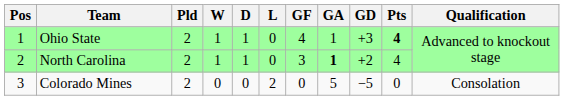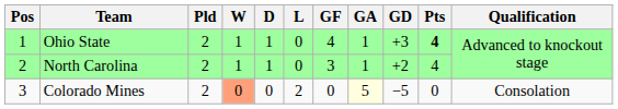 <table class="wikitable" style="text-align:center; margin: 1em auto">
 <tr>
 <th style="width:2em">Pos</th>
 <th style="width:13em">Team</th>
 <th style="width:2em">Pld</th>
 <th style="width:2em">W</th>
 <th style="width:2em">D</th>
 <th style="width:2em">L</th>
 <th style="width:2em">GF</th>
 <th style="width:2em">GA</th>
 <th style="width:2em">GD</th>
 <th style="width:2em">Pts</th>
 <th style="width:13em">Qualification</th>
 </tr>
 <tr bgcolor="#9eff9e">
 <td>1</td>
 <td style="text-align:left">Ohio State</td>
 <td>2</td>
 <td>1</td>
 <td>1</td>
 <td>0</td>
 <td>4</td>
 <td>1</td>
 <td>+3</td>
 <td><strong>4</strong></td>
 <td rowspan="2">Advanced to knockout stage</td>
 </tr>
 <tr bgcolor="#9eff9e">
 <td>2</td>
 <td style="text-align:left">North Carolina</td>
 <td>2</td>
 <td>1</td>
 <td>1</td>
 <td>0</td>
 <td>3</td>
-<td><strong>1</strong></td>
+<td>1</td>
 <td>+2</td>
 <td>4</td>
 </tr>
 <tr>
 <td>3</td>
 <td style="text-align:left">Colorado Mines</td>
 <td>2</td>
-<td>0</td>
+<td style="background: lightsalmon;">0</td>
 <td>0</td>
 <td>2</td>
 <td>0</td>
-<td>5</td>
+<td style="background: lightyellow;">5</td>
 <td>−5</td>
 <td>0</td>
 <td>Consolation</td>
 </tr>
 </table>
